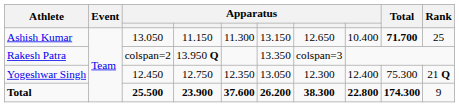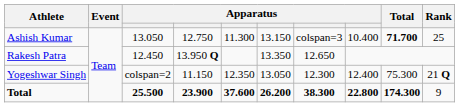 <table class=wikitable style=font-size:90%;text-align:center;>
 <tr>
 <th rowspan=2>Athlete</th>
 <th rowspan=2>Event</th>
 <th colspan=6>Apparatus</th>
 <th rowspan=2>Total</th>
 <th rowspan=2>Rank</th>
 </tr>
 <tr style="font-size:95%">
 <th></th>
 <th></th>
 <th></th>
 <th></th>
 <th></th>
 <th></th>
 </tr>
 <tr>
 <td align=left><a href='#'>Ashish Kumar</a></td>
 <td align=left rowspan="4"><a href='#'>Team</a></td>
 <td>13.050</td>
-<td>11.150</td>
+<td>12.750</td>
 <td>11.300</td>
 <td>13.150</td>
-<td>12.650</td>
+<td>colspan=3 </td>
 <td>10.400</td>
 <td><strong>71.700</strong></td>
 <td>25</td>
 </tr>
 <tr>
 <td align=left><a href='#'>Rakesh Patra</a></td>
-<td>colspan=2 </td>
+<td>12.450</td>
 <td>13.950 <strong>Q</strong></td>
 <td></td>
 <td>13.350</td>
-<td>colspan=3 </td>
+<td>12.650</td>
 </tr>
 <tr>
 <td align=left><a href='#'>Yogeshwar Singh</a></td>
-<td>12.450</td>
-<td>12.750</td>
+<td>colspan=2 </td>
+<td>11.150</td>
 <td>12.350</td>
 <td>13.050</td>
 <td>12.300</td>
 <td>12.400</td>
 <td>75.300</td>
 <td>21 <strong>Q</strong></td>
 </tr>
 <tr>
 <td align=left><strong>Total</strong></td>
 <td><strong>25.500</strong></td>
 <td><strong>23.900</strong></td>
 <td><strong>37.600</strong></td>
 <td><strong>26.200</strong></td>
 <td><strong>38.300</strong></td>
 <td><strong>22.800</strong></td>
 <td><strong>174.300</strong></td>
 <td>9</td>
 </tr>
 </table>
